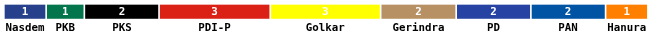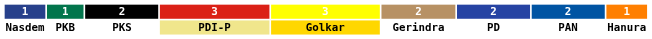 <table style="width:88%; text-align:center;">
 <tr style="color:white;">
 <td style="background:#27408B; width:5.9%;"><strong>1</strong></td>
 <td style="background:#02754C; width:5.9%;"><strong>1</strong></td>
 <td style="background:#000000; width:11.8%;"><strong>2</strong></td>
 <td style="background:#DB2016; width:17.6%;"><strong>3</strong></td>
 <td style="background:#FFFF00; width:17.6%;"><strong>3</strong></td>
 <td style="background:#B79164; width:11.8%;"><strong>2</strong></td>
 <td style="background:#2643A3; width:11.8%;"><strong>2</strong></td>
 <td style="background:#0054A3; width:11.8%;"><strong>2</strong></td>
 <td style="background:#FF7F00; width:5.9%;"><strong>1</strong></td>
 </tr>
 <tr>
 <td><span><strong>Nasdem</strong></span></td>
 <td><span><strong>PKB</strong></span></td>
 <td><span><strong>PKS</strong></span></td>
-<td><span><strong>PDI-P</strong></span></td>
-<td><span><strong>Golkar</strong></span></td>
+<td style="background: khaki;"><span><strong>PDI-P</strong></span></td>
+<td style="background: gold;"><span><strong>Golkar</strong></span></td>
 <td><span><strong>Gerindra</strong></span></td>
 <td><span><strong>PD</strong></span></td>
 <td><span><strong>PAN</strong></span></td>
 <td><span><strong>Hanura</strong></span></td>
 </tr>
 </table>
